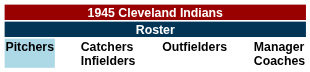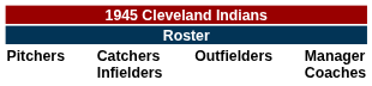 <table class="toccolours" style="font-size: 95%;">
 <tr>
 <th colspan="10" style="background-color: #990000; color: white; text-align: center;">1945 Cleveland Indians</th>
 </tr>
 <tr>
 <td colspan="10" style="background-color: #023456; color: white; text-align: center;"><strong>Roster</strong></td>
 </tr>
 <tr>
-<td valign="top" style="background: lightblue;"><strong>Pitchers</strong><br>            </td>
+<td valign="top"><strong>Pitchers</strong><br>            </td>
 <td width="25px"></td>
 <td valign="top"><strong>Catchers</strong><br>     <strong>Infielders</strong>         </td>
 <td width="25px"></td>
 <td valign="top"><strong>Outfielders</strong><br>        </td>
 <td width="25px"></td>
 <td valign="top"><strong>Manager</strong><br> <strong>Coaches</strong>   </td>
 </tr>
 </table>
